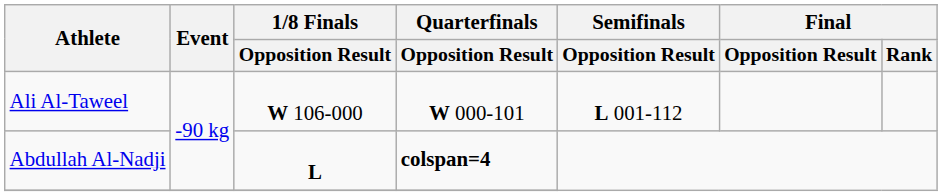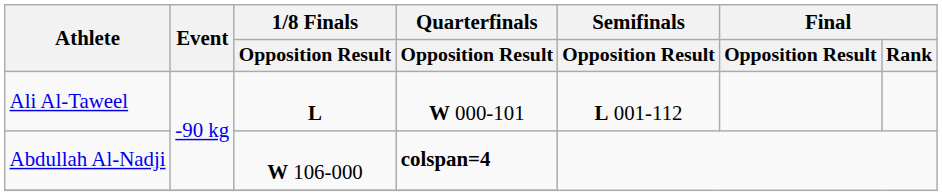 <table class=wikitable style="font-size:90%">
 <tr>
 <th rowspan="2">Athlete</th>
 <th rowspan="2">Event</th>
 <th>1/8 Finals</th>
 <th>Quarterfinals</th>
 <th>Semifinals</th>
 <th colspan="2">Final</th>
 </tr>
 <tr style="font-size:95%">
 <th>Opposition Result</th>
 <th>Opposition Result</th>
 <th>Opposition Result</th>
 <th>Opposition Result</th>
 <th>Rank</th>
 </tr>
 <tr align=center>
 <td align=left><a href='#'>Ali Al-Taweel</a></td>
 <td rowspan=2><a href='#'>-90 kg</a></td>
-<td style="text-align:center;"> <br> <strong>W</strong> 106-000</td>
+<td style="text-align:center;"> <br> <strong>L</strong> </td>
 <td style="text-align:center;"> <br> <strong>W</strong> 000-101</td>
 <td style="text-align:center;"> <br> <strong>L</strong> 001-112</td>
 <td></td>
 <td></td>
 </tr>
 <tr>
 <td align=left><a href='#'>Abdullah Al-Nadji</a></td>
-<td style="text-align:center;"> <br> <strong>L</strong> </td>
+<td style="text-align:center;"> <br> <strong>W</strong> 106-000</td>
 <td><strong>colspan=4 </strong></td>
 </tr>
 <tr>
 </tr>
 </table>
